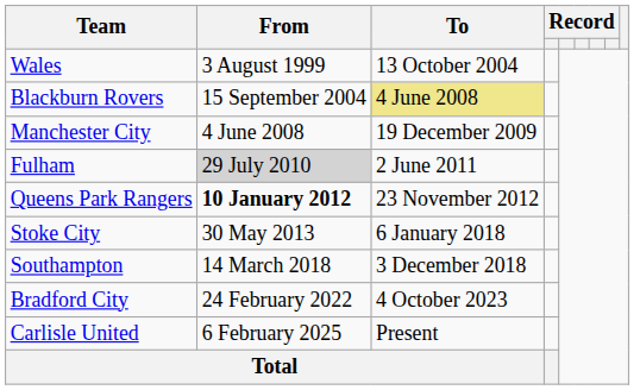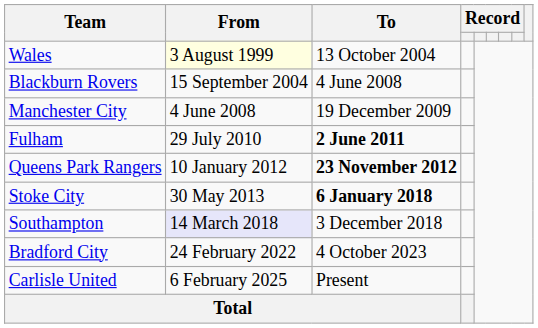 <table class="wikitable" style="text-align: center;">
 <tr>
 <th rowspan=2>Team</th>
 <th rowspan=2>From</th>
 <th rowspan=2>To</th>
 <th colspan=5>Record</th>
 <th rowspan=2></th>
 </tr>
 <tr>
 <th></th>
 <th></th>
 <th></th>
 <th></th>
 <th></th>
 </tr>
 <tr>
 <td align=left><a href='#'>Wales</a></td>
-<td align=left>3 August 1999</td>
+<td align=left style="background: lightyellow;">3 August 1999</td>
 <td align=left>13 October 2004<br></td>
 <td></td>
 </tr>
 <tr>
 <td align=left><a href='#'>Blackburn Rovers</a></td>
 <td align=left>15 September 2004</td>
-<td align=left style="background: khaki;">4 June 2008<br></td>
+<td align=left>4 June 2008<br></td>
 <td></td>
 </tr>
 <tr>
 <td align=left><a href='#'>Manchester City</a></td>
 <td align=left>4 June 2008</td>
 <td align=left>19 December 2009<br></td>
 <td></td>
 </tr>
 <tr>
 <td align=left><a href='#'>Fulham</a></td>
-<td align=left style="background: lightgrey;">29 July 2010</td>
-<td align=left>2 June 2011<br></td>
+<td align=left>29 July 2010</td>
+<td align=left><strong>2 June 2011<br></strong></td>
 <td></td>
 </tr>
 <tr>
 <td align=left><a href='#'>Queens Park Rangers</a></td>
-<td align=left><strong>10 January 2012</strong></td>
-<td align=left>23 November 2012<br></td>
+<td align=left>10 January 2012</td>
+<td align=left><strong>23 November 2012<br></strong></td>
 <td></td>
 </tr>
 <tr>
 <td align=left><a href='#'>Stoke City</a></td>
 <td align=left>30 May 2013</td>
-<td align=left>6 January 2018<br></td>
+<td align=left><strong>6 January 2018<br></strong></td>
 <td></td>
 </tr>
 <tr>
 <td align=left><a href='#'>Southampton</a></td>
-<td align=left>14 March 2018</td>
+<td align=left style="background: lavender;">14 March 2018</td>
 <td align=left>3 December 2018<br></td>
 <td></td>
 </tr>
 <tr>
 <td align=left><a href='#'>Bradford City</a></td>
 <td align=left>24 February 2022</td>
 <td align=left>4 October 2023<br></td>
 <td></td>
 </tr>
 <tr>
 <td align=left><a href='#'>Carlisle United</a></td>
 <td align=left>6 February 2025</td>
 <td align=left>Present<br></td>
 <td></td>
 </tr>
 <tr>
 <th colspan=3>Total<br></th>
 <th></th>
 </tr>
 </table>
